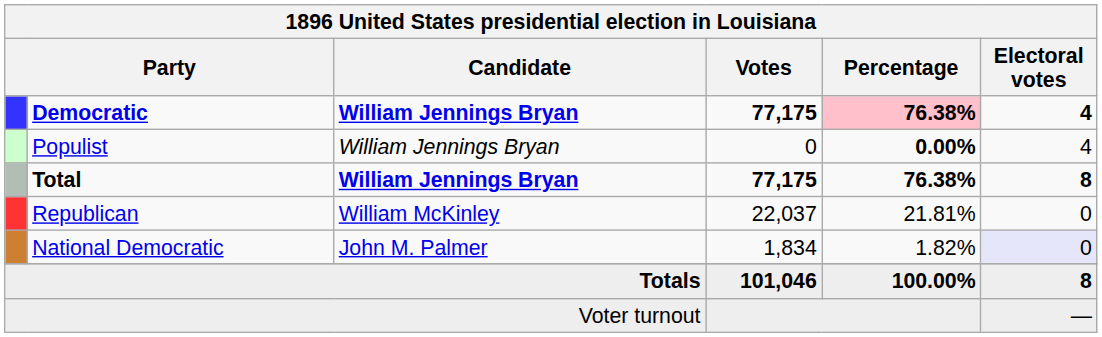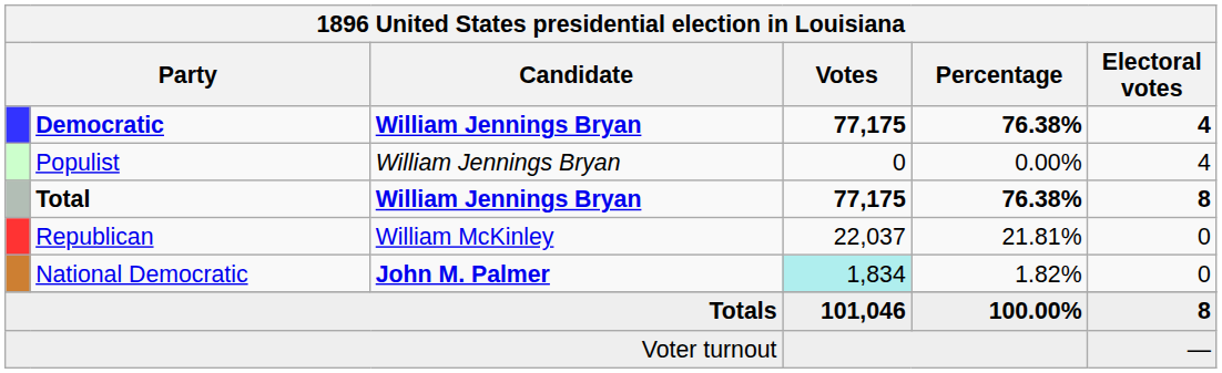 <table class="wikitable nowrap" style="font-size: 95%;">
 <tr>
 <th colspan="6">1896 United States presidential election in Louisiana</th>
 </tr>
 <tr>
 <th colspan="2" style="width: 15em">Party</th>
 <th style="width: 17em">Candidate</th>
 <th style="width: 5em">Votes</th>
 <th style="width: 7em">Percentage</th>
 <th style="width: 5em">Electoral votes</th>
 </tr>
 <tr>
 <th style="background-color:#3333FF; width: 3px"></th>
 <td style="width: 130px"><strong><a href='#'>Democratic</a></strong></td>
 <td><strong><a href='#'>William Jennings Bryan</a></strong></td>
 <td align="right"><strong>77,175</strong></td>
-<td align="right" style="background: pink;"><strong>76.38%</strong></td>
+<td align="right"><strong>76.38%</strong></td>
 <td align="right"><strong>4</strong></td>
 </tr>
 <tr>
 <th style="background-color:#CCFFCC; width: 3px"></th>
 <td style="width: 130px"><a href='#'>Populist</a></td>
 <td><em>William Jennings Bryan</em></td>
 <td align="right">0</td>
-<td align="right"><strong>0.00%</strong></td>
+<td align="right">0.00%</td>
 <td align="right">4</td>
 </tr>
 <tr>
 <th style="background-color:#B2BEB5; width: 3px"></th>
 <td style="width: 130px"><strong> Total</strong></td>
 <td><strong><a href='#'>William Jennings Bryan</a></strong></td>
 <td align="right"><strong>77,175</strong></td>
 <td align="right"><strong>76.38%</strong></td>
 <td align="right"><strong>8</strong></td>
 </tr>
 <tr>
 <th style="background-color:#FF3333; width: 3px"></th>
 <td style="width: 130px"><a href='#'>Republican</a></td>
 <td><a href='#'>William McKinley</a></td>
 <td align="right">22,037</td>
 <td align="right">21.81%</td>
 <td align="right">0</td>
 </tr>
 <tr>
 <th style="background-color:#CD7F32; width: 3px"></th>
 <td style="width: 130px"><a href='#'>National Democratic</a></td>
-<td><a href='#'>John M. Palmer</a></td>
-<td align="right">1,834</td>
+<td><strong><a href='#'>John M. Palmer</a></strong></td>
+<td align="right" style="background: paleturquoise;">1,834</td>
 <td align="right">1.82%</td>
-<td align="right" style="background: lavender;">0</td>
+<td align="right">0</td>
 </tr>
 <tr>
 </tr>
 <tr bgcolor="#EEEEEE">
 <td colspan="3" align="right"><strong>Totals</strong></td>
 <td align="right"><strong>101,046</strong></td>
 <td align="right"><strong>100.00%</strong></td>
 <td align="right"><strong>8</strong></td>
 </tr>
 <tr bgcolor="#EEEEEE">
 <td colspan="3" align="right">Voter turnout</td>
 <td colspan="2" align="right"></td>
 <td align="right">—</td>
 </tr>
 </table>
